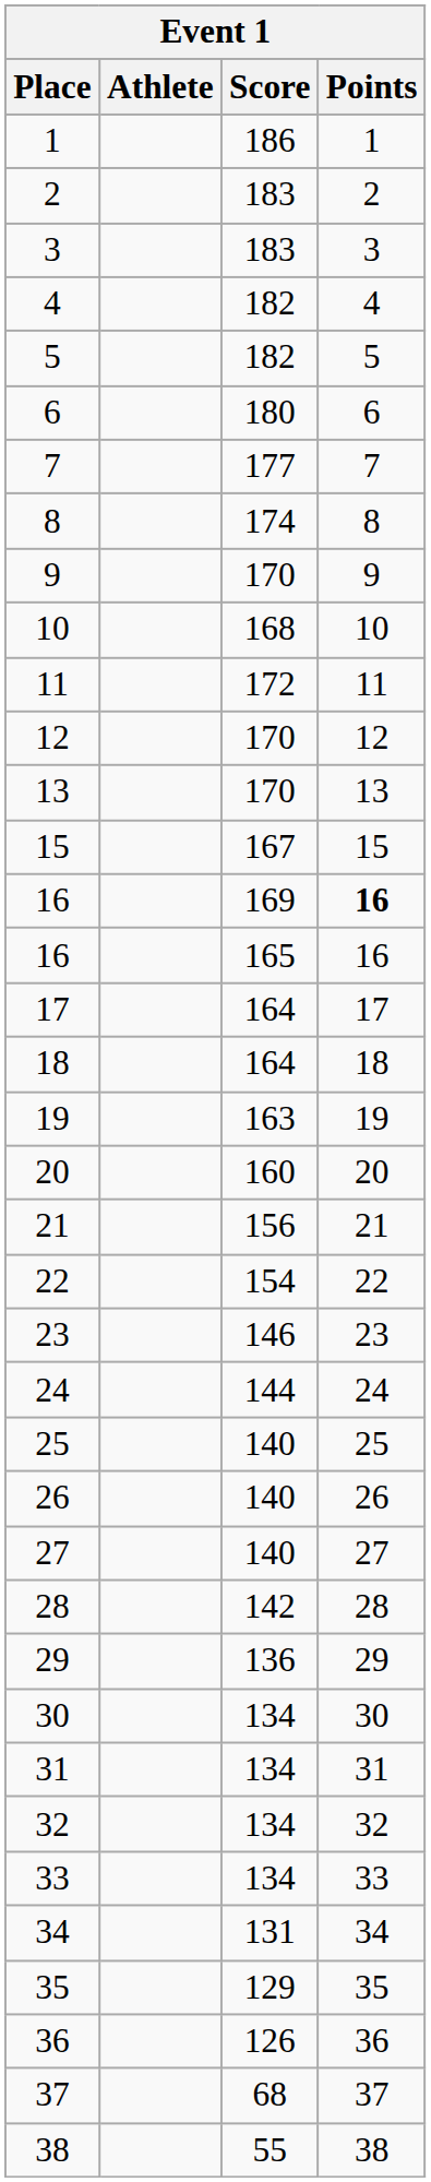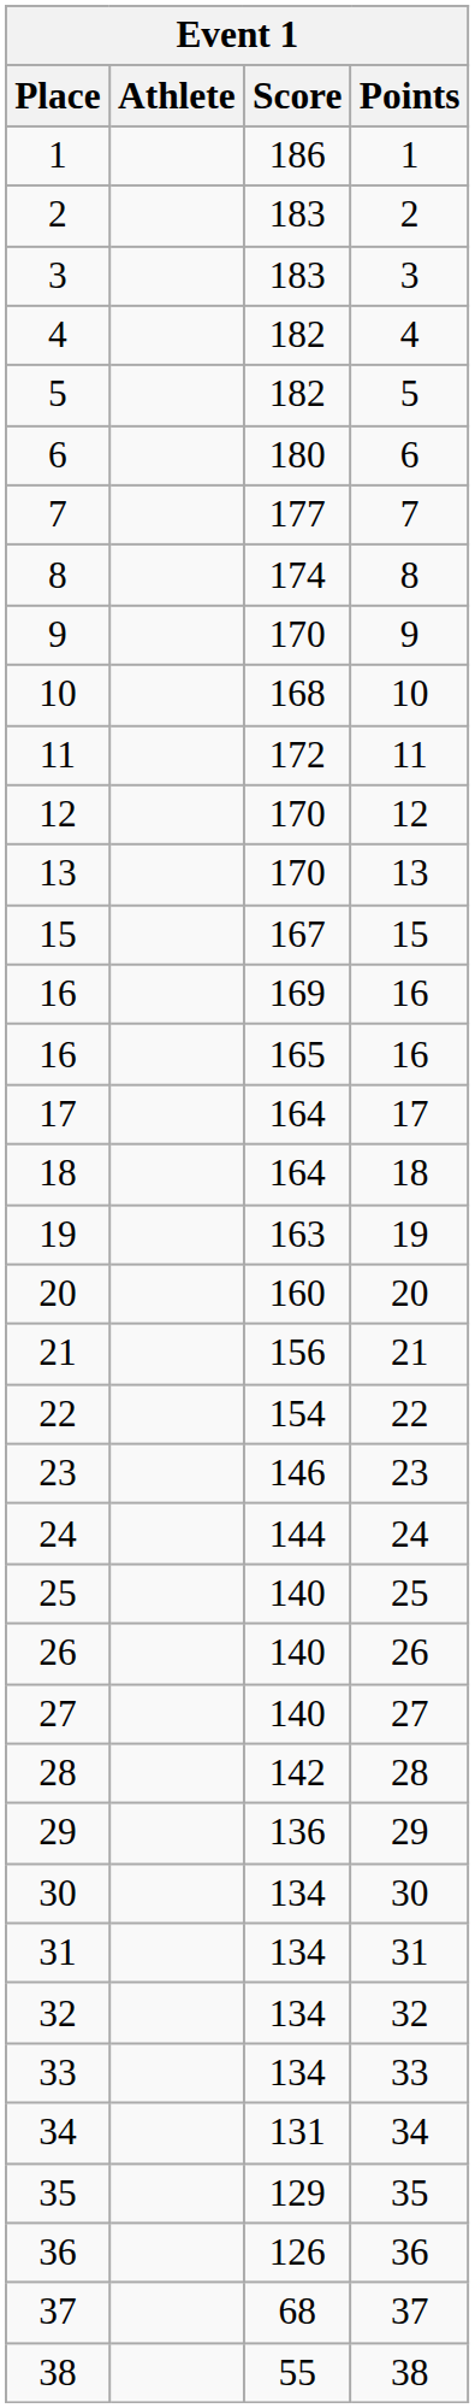 <table class=wikitable style="text-align:center">
 <tr>
 <th colspan=4>Event 1</th>
 </tr>
 <tr>
 <th>Place</th>
 <th>Athlete</th>
 <th>Score</th>
 <th>Points</th>
 </tr>
 <tr>
 <td>1</td>
 <td align=left></td>
 <td>186</td>
 <td>1</td>
 </tr>
 <tr>
 <td>2</td>
 <td align=left></td>
 <td>183</td>
 <td>2</td>
 </tr>
 <tr>
 <td>3</td>
 <td align=left></td>
 <td>183</td>
 <td>3</td>
 </tr>
 <tr>
 <td>4</td>
 <td align=left></td>
 <td>182</td>
 <td>4</td>
 </tr>
 <tr>
 <td>5</td>
 <td align=left></td>
 <td>182</td>
 <td>5</td>
 </tr>
 <tr>
 <td>6</td>
 <td align=left></td>
 <td>180</td>
 <td>6</td>
 </tr>
 <tr>
 <td>7</td>
 <td align=left></td>
 <td>177</td>
 <td>7</td>
 </tr>
 <tr>
 <td>8</td>
 <td align=left></td>
 <td>174</td>
 <td>8</td>
 </tr>
 <tr>
 <td>9</td>
 <td align=left></td>
 <td>170</td>
 <td>9</td>
 </tr>
 <tr>
 <td>10</td>
 <td align=left></td>
 <td>168</td>
 <td>10</td>
 </tr>
 <tr>
 <td>11</td>
 <td align=left></td>
 <td>172</td>
 <td>11</td>
 </tr>
 <tr>
 <td>12</td>
 <td align=left></td>
 <td>170</td>
 <td>12</td>
 </tr>
 <tr>
 <td>13</td>
 <td align=left></td>
 <td>170</td>
 <td>13</td>
 </tr>
 <tr>
 <td>15</td>
 <td align=left></td>
 <td>167</td>
 <td>15</td>
 </tr>
 <tr>
 <td>16</td>
 <td align=left></td>
 <td>169</td>
-<td><strong>16</strong></td>
+<td>16</td>
 </tr>
 <tr>
 <td>16</td>
 <td align=left></td>
 <td>165</td>
 <td>16</td>
 </tr>
 <tr>
 <td>17</td>
 <td align=left></td>
 <td>164</td>
 <td>17</td>
 </tr>
 <tr>
 <td>18</td>
 <td align=left></td>
 <td>164</td>
 <td>18</td>
 </tr>
 <tr>
 <td>19</td>
 <td align=left></td>
 <td>163</td>
 <td>19</td>
 </tr>
 <tr>
 <td>20</td>
 <td align=left></td>
 <td>160</td>
 <td>20</td>
 </tr>
 <tr>
 <td>21</td>
 <td align=left></td>
 <td>156</td>
 <td>21</td>
 </tr>
 <tr>
 <td>22</td>
 <td align=left></td>
 <td>154</td>
 <td>22</td>
 </tr>
 <tr>
 <td>23</td>
 <td align=left></td>
 <td>146</td>
 <td>23</td>
 </tr>
 <tr>
 <td>24</td>
 <td align=left></td>
 <td>144</td>
 <td>24</td>
 </tr>
 <tr>
 <td>25</td>
 <td align=left></td>
 <td>140</td>
 <td>25</td>
 </tr>
 <tr>
 <td>26</td>
 <td align=left></td>
 <td>140</td>
 <td>26</td>
 </tr>
 <tr>
 <td>27</td>
 <td align=left></td>
 <td>140</td>
 <td>27</td>
 </tr>
 <tr>
 <td>28</td>
 <td align=left></td>
 <td>142</td>
 <td>28</td>
 </tr>
 <tr>
 <td>29</td>
 <td align=left></td>
 <td>136</td>
 <td>29</td>
 </tr>
 <tr>
 <td>30</td>
 <td align=left></td>
 <td>134</td>
 <td>30</td>
 </tr>
 <tr>
 <td>31</td>
 <td align=left></td>
 <td>134</td>
 <td>31</td>
 </tr>
 <tr>
 <td>32</td>
 <td align=left></td>
 <td>134</td>
 <td>32</td>
 </tr>
 <tr>
 <td>33</td>
 <td align=left></td>
 <td>134</td>
 <td>33</td>
 </tr>
 <tr>
 <td>34</td>
 <td align=left></td>
 <td>131</td>
 <td>34</td>
 </tr>
 <tr>
 <td>35</td>
 <td align=left></td>
 <td>129</td>
 <td>35</td>
 </tr>
 <tr>
 <td>36</td>
 <td align=left></td>
 <td>126</td>
 <td>36</td>
 </tr>
 <tr>
 <td>37</td>
 <td align=left></td>
 <td>68</td>
 <td>37</td>
 </tr>
 <tr>
 <td>38</td>
 <td align=left></td>
 <td>55</td>
 <td>38</td>
 </tr>
 </table>
